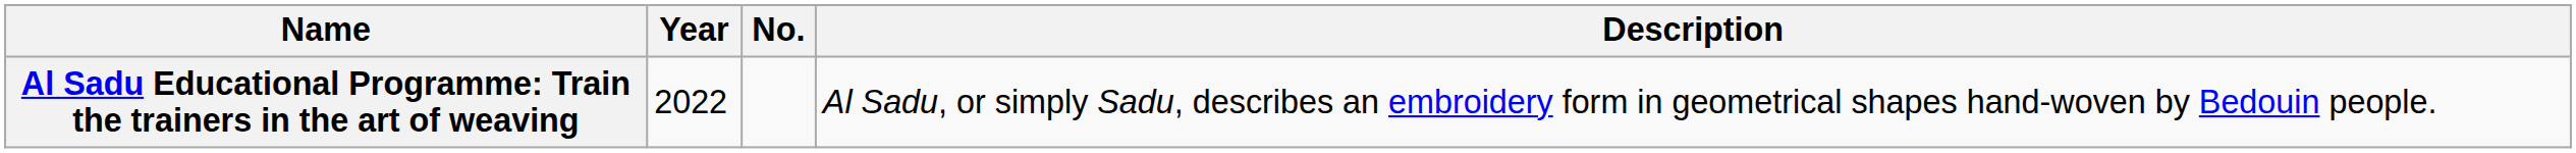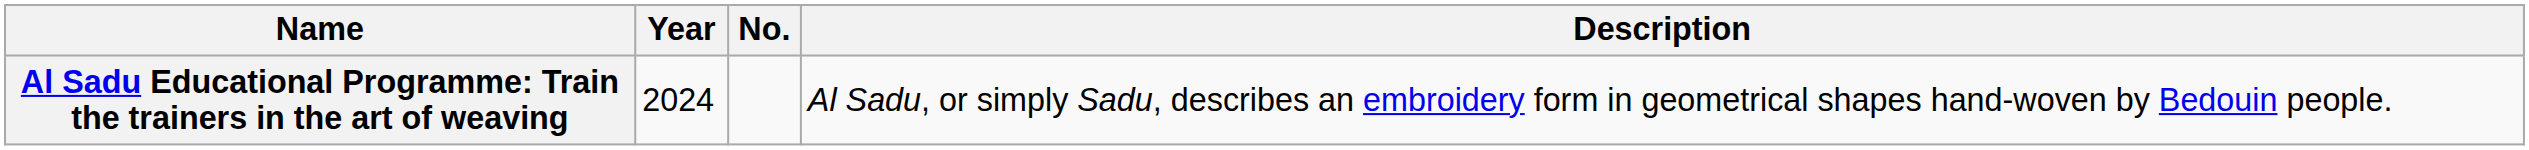 <table class="wikitable sortable plainrowheaders">
 <tr>
 <th style="width:25%">Name</th>
 <th>Year</th>
 <th>No.</th>
 <th class="unsortable">Description</th>
 </tr>
 <tr>
 <th scope="row"><a href='#'>Al Sadu</a> Educational Programme: Train the trainers in the art of weaving</th>
-<td>2022</td>
+<td>2024</td>
 <td></td>
 <td><em>Al Sadu</em>, or simply <em>Sadu</em>, describes an <a href='#'>embroidery</a> form in geometrical shapes hand-woven by <a href='#'>Bedouin</a> people.</td>
 </tr>
 </table>
